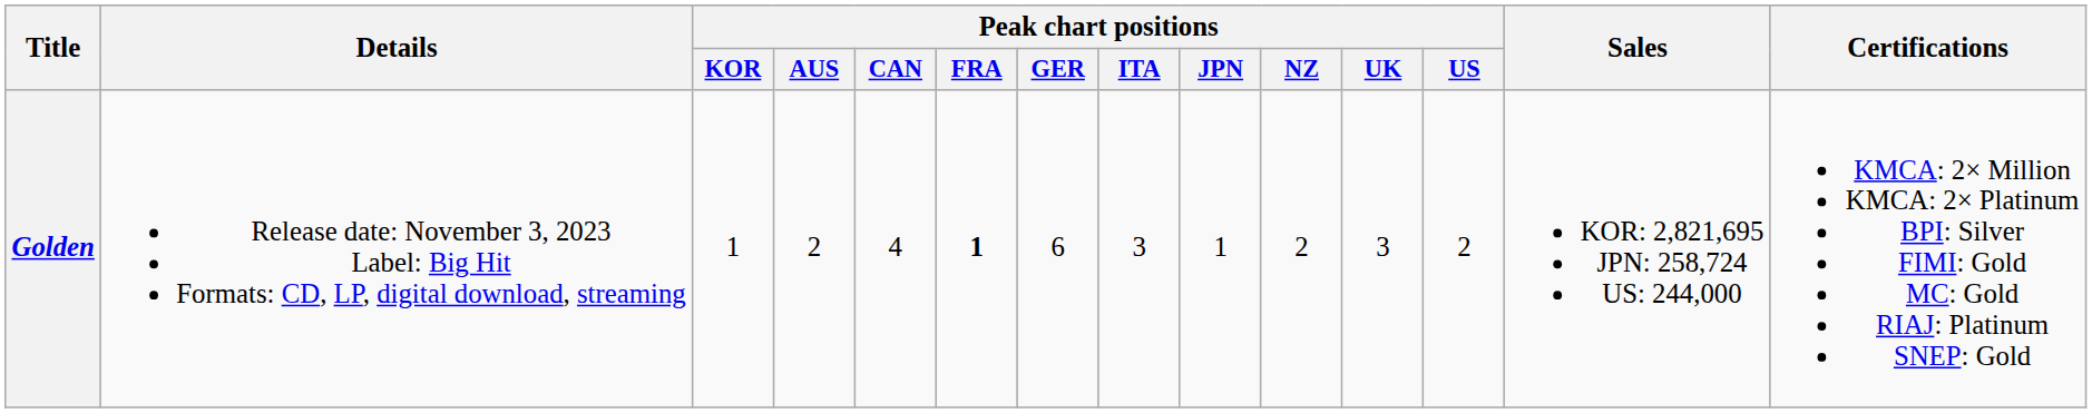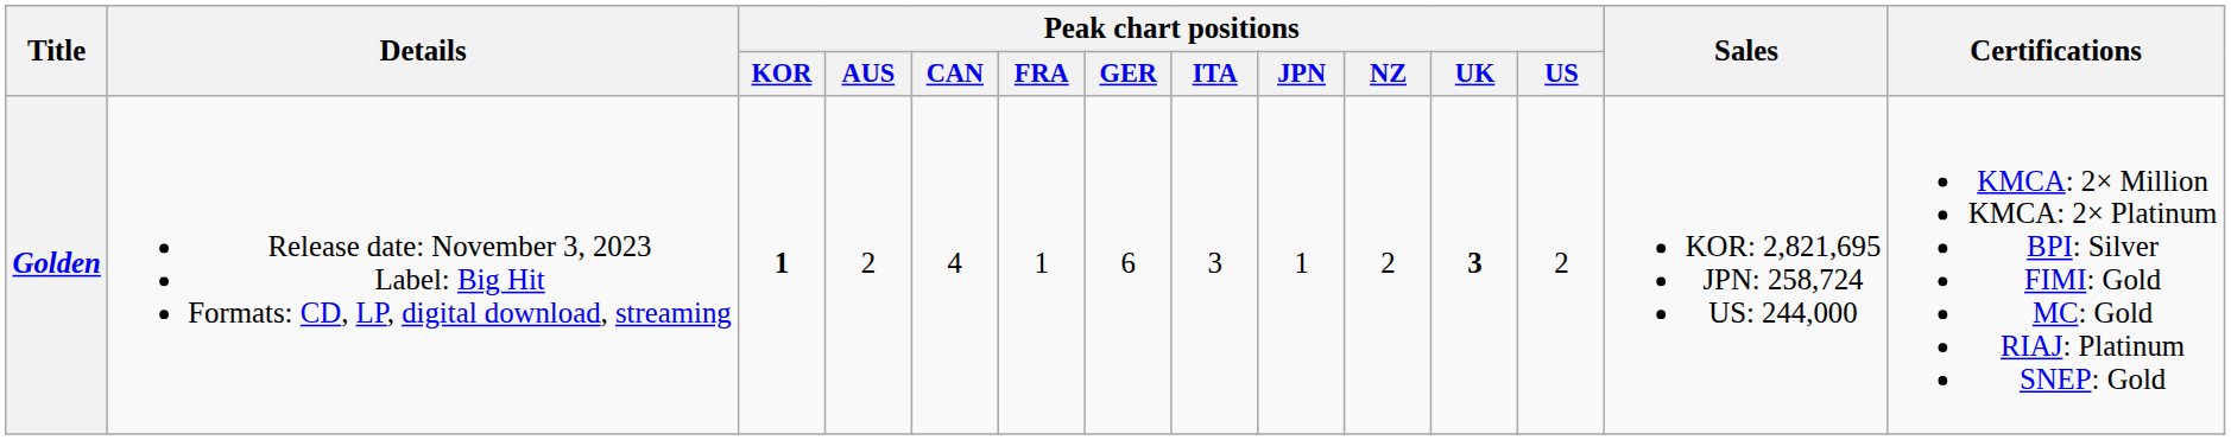 <table class="wikitable plainrowheaders" style="text-align:center">
 <tr>
 <th scope="col" rowspan="2">Title</th>
 <th scope="col" rowspan="2">Details</th>
 <th scope="col" colspan="10">Peak chart positions</th>
 <th scope="col" rowspan="2">Sales</th>
 <th scope="col" rowspan="2">Certifications</th>
 </tr>
 <tr>
 <th scope="col" style="width:2.8em;font-size:90%;"><a href='#'>KOR</a><br></th>
 <th scope="col" style="width:2.8em;font-size:90%;"><a href='#'>AUS</a><br></th>
 <th scope="col" style="width:2.8em;font-size:90%;"><a href='#'>CAN</a><br></th>
 <th scope="col" style="width:2.8em;font-size:90%;"><a href='#'>FRA</a><br></th>
 <th scope="col" style="width:2.8em;font-size:90%;"><a href='#'>GER</a><br></th>
 <th scope="col" style="width:2.8em;font-size:90%;"><a href='#'>ITA</a><br></th>
 <th scope="col" style="width:2.8em;font-size:90%;"><a href='#'>JPN</a><br></th>
 <th scope="col" style="width:2.8em;font-size:90%;"><a href='#'>NZ</a><br></th>
 <th scope="col" style="width:2.8em;font-size:90%;"><a href='#'>UK</a><br></th>
 <th scope="col" style="width:2.8em;font-size:90%;"><a href='#'>US</a><br></th>
 </tr>
 <tr>
 <th scope="row"><em><a href='#'>Golden</a></em></th>
 <td><br><ul><li>Release date: November 3, 2023</li><li>Label: <a href='#'>Big Hit</a></li><li>Formats: <a href='#'>CD</a>, <a href='#'>LP</a>, <a href='#'>digital download</a>, <a href='#'>streaming</a></li></ul></td>
-<td>1</td>
+<td><strong>1</strong></td>
 <td>2</td>
 <td>4</td>
-<td><strong>1</strong></td>
+<td>1</td>
 <td>6</td>
 <td>3</td>
 <td>1</td>
 <td>2</td>
-<td>3</td>
+<td><strong>3</strong></td>
 <td>2</td>
 <td><br><ul><li>KOR: 2,821,695</li><li>JPN: 258,724</li><li>US: 244,000</li></ul></td>
 <td><br><ul><li><a href='#'>KMCA</a>: 2× Million</li><li>KMCA: 2× Platinum</li><li><a href='#'>BPI</a>: Silver</li><li><a href='#'>FIMI</a>: Gold</li><li><a href='#'>MC</a>: Gold</li><li><a href='#'>RIAJ</a>: Platinum</li><li><a href='#'>SNEP</a>: Gold</li></ul></td>
 </tr>
 </table>
